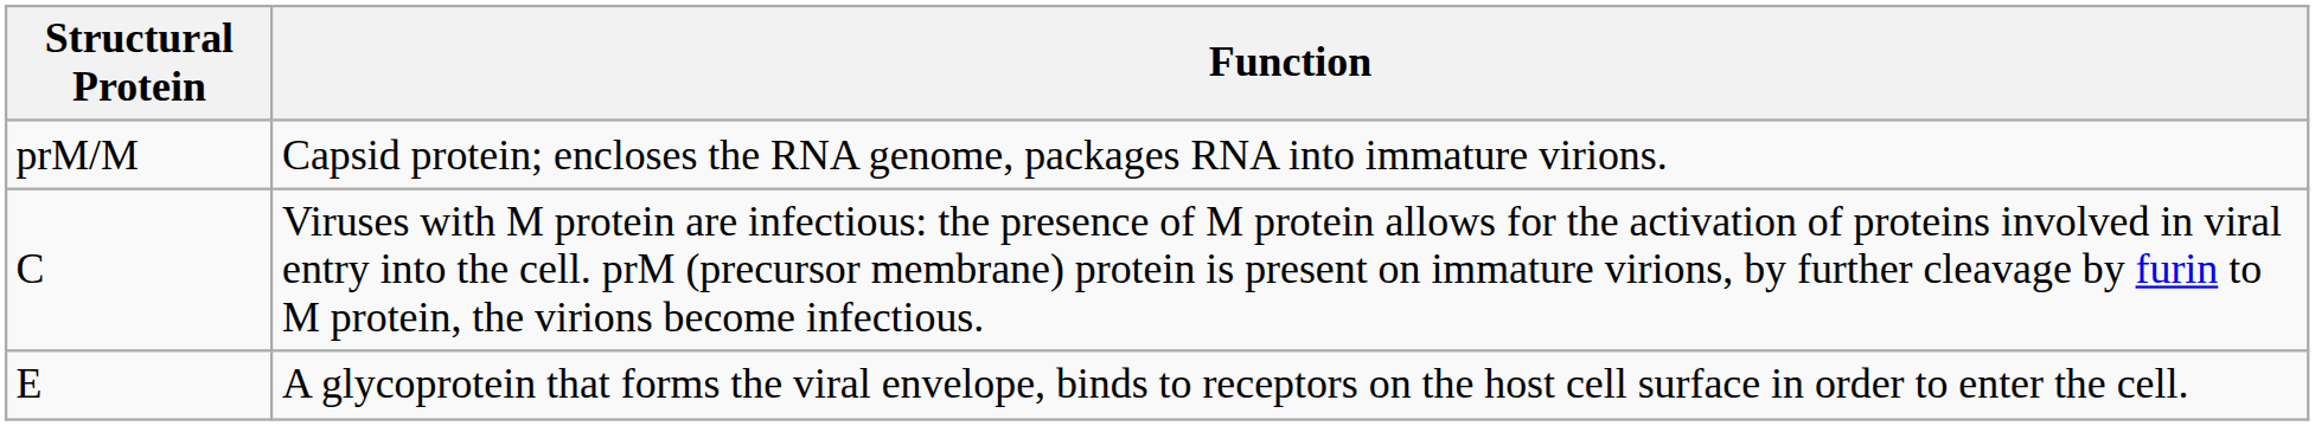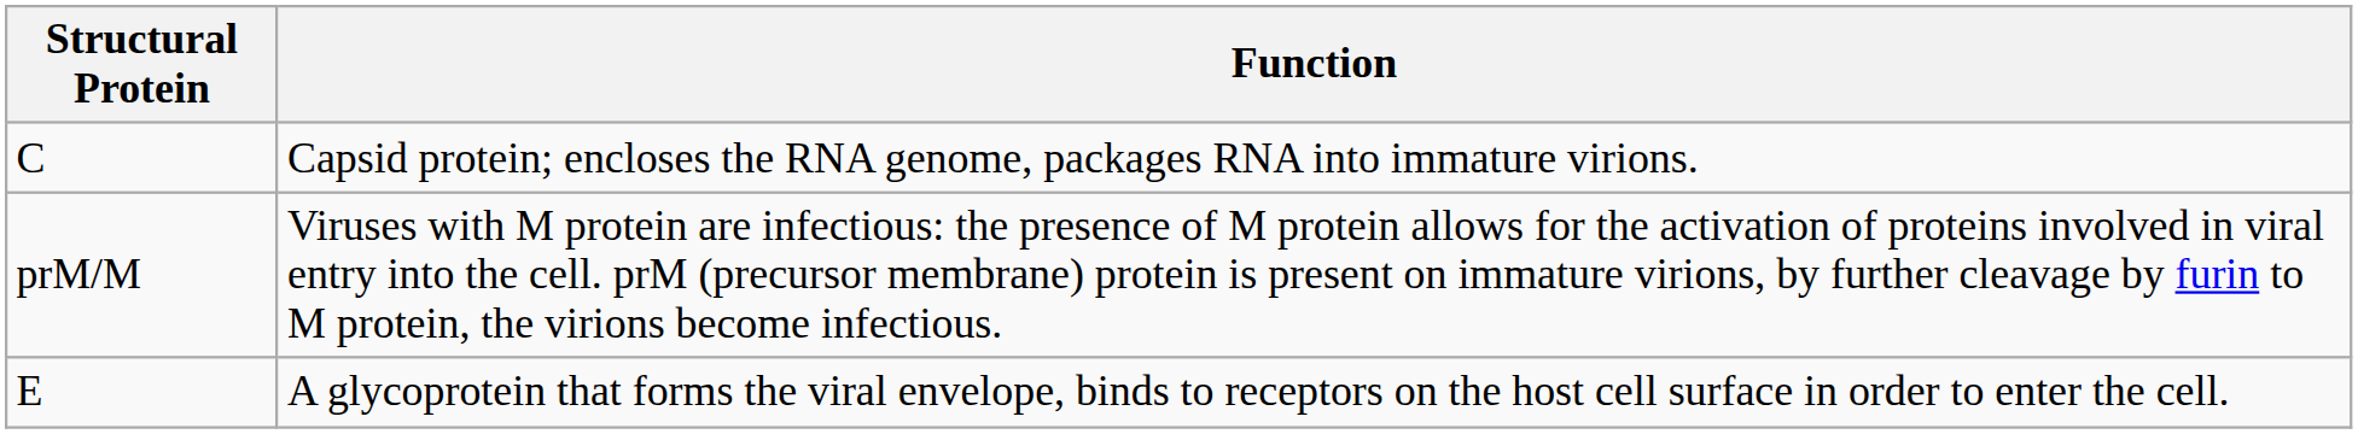 <table class="wikitable">
 <tr>
 <th>Structural Protein</th>
 <th>Function</th>
 </tr>
 <tr>
-<td>prM/M</td>
+<td>C</td>
 <td>Capsid protein; encloses the RNA genome, packages RNA into immature virions.</td>
 </tr>
 <tr>
-<td>C</td>
+<td>prM/M</td>
 <td>Viruses with M protein are infectious: the presence of M protein allows for the activation of proteins involved in viral entry into the cell. prM (precursor membrane) protein is present on immature virions, by further cleavage by <a href='#'>furin</a> to M protein, the virions become infectious.</td>
 </tr>
 <tr>
 <td>E</td>
 <td>A glycoprotein that forms the viral envelope, binds to receptors on the host cell surface in order to enter the cell.</td>
 </tr>
 </table>
